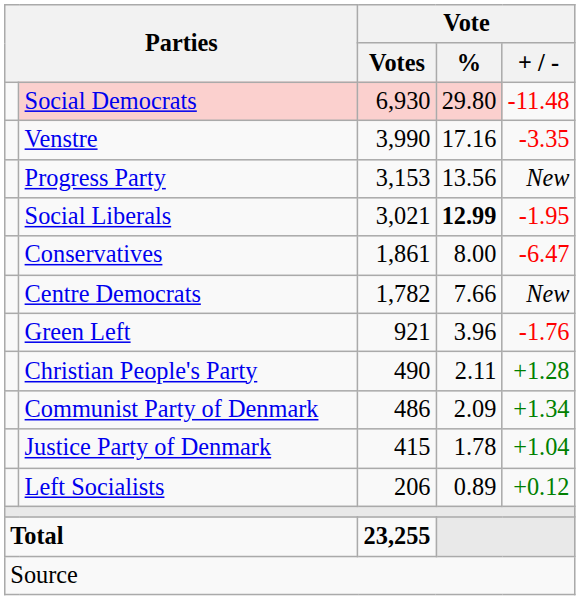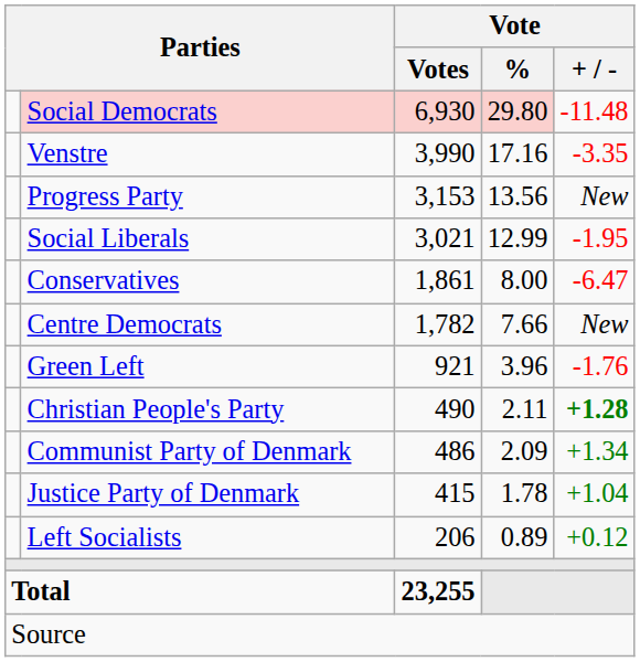 <table class="wikitable" style="text-align:right;">
 <tr>
 <th style="text-align:centre;" rowspan="2" colspan="2" width="225">Parties</th>
 <th colspan="3">Vote</th>
 </tr>
 <tr>
 <th width="15">Votes</th>
 <th width="15">%</th>
 <th width="15">+ / -</th>
 </tr>
 <tr>
 <td width="2" style="color:inherit;background:"></td>
 <td bgcolor=#fbd0ce  align="left"><a href='#'>Social Democrats</a></td>
 <td bgcolor=#fbd0ce>6,930</td>
 <td bgcolor=#fbd0ce>29.80</td>
 <td style=color:red;>-11.48</td>
 </tr>
 <tr>
 <td width="2" style="color:inherit;background:"></td>
 <td align="left"><a href='#'>Venstre</a></td>
 <td>3,990</td>
 <td>17.16</td>
 <td style=color:red;>-3.35</td>
 </tr>
 <tr>
 <td width="2" style="color:inherit;background:"></td>
 <td align="left"><a href='#'>Progress Party</a></td>
 <td>3,153</td>
 <td>13.56</td>
 <td><em>New</em></td>
 </tr>
 <tr>
 <td width="2" style="color:inherit;background:"></td>
 <td align="left"><a href='#'>Social Liberals</a></td>
 <td>3,021</td>
-<td><strong>12.99</strong></td>
+<td>12.99</td>
 <td style=color:red;>-1.95</td>
 </tr>
 <tr>
 <td width="2" style="color:inherit;background:"></td>
 <td align="left"><a href='#'>Conservatives</a></td>
 <td>1,861</td>
 <td>8.00</td>
 <td style=color:red;>-6.47</td>
 </tr>
 <tr>
 <td width="2" style="color:inherit;background:"></td>
 <td align="left"><a href='#'>Centre Democrats</a></td>
 <td>1,782</td>
 <td>7.66</td>
 <td><em>New</em></td>
 </tr>
 <tr>
 <td width="2" style="color:inherit;background:"></td>
 <td align="left"><a href='#'>Green Left</a></td>
 <td>921</td>
 <td>3.96</td>
 <td style=color:red;>-1.76</td>
 </tr>
 <tr>
 <td width="2" style="color:inherit;background:"></td>
 <td align="left"><a href='#'>Christian People's Party</a></td>
 <td>490</td>
 <td>2.11</td>
-<td style=color:green;>+1.28</td>
+<td style=color:green;><strong>+1.28</strong></td>
 </tr>
 <tr>
 <td width="2" style="color:inherit;background:"></td>
 <td align="left"><a href='#'>Communist Party of Denmark</a></td>
 <td>486</td>
 <td>2.09</td>
 <td style=color:green;>+1.34</td>
 </tr>
 <tr>
 <td width="2" style="color:inherit;background:"></td>
 <td align="left"><a href='#'>Justice Party of Denmark</a></td>
 <td>415</td>
 <td>1.78</td>
 <td style=color:green;>+1.04</td>
 </tr>
 <tr>
 <td width="2" style="color:inherit;background:"></td>
 <td align="left"><a href='#'>Left Socialists</a></td>
 <td>206</td>
 <td>0.89</td>
 <td style=color:green;>+0.12</td>
 </tr>
 <tr>
 <td colspan="7" bgcolor="#E9E9E9"></td>
 </tr>
 <tr>
 <td align="left" colspan="2"><strong>Total</strong></td>
 <td><strong>23,255</strong></td>
 <td bgcolor="#E9E9E9" colspan="2"></td>
 </tr>
 <tr>
 <td align="left" colspan="6">Source</td>
 </tr>
 </table>
